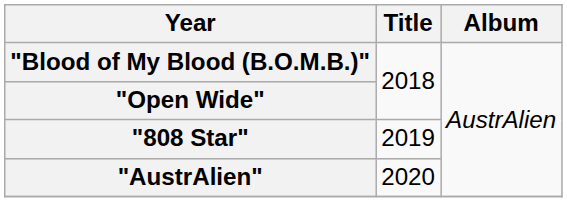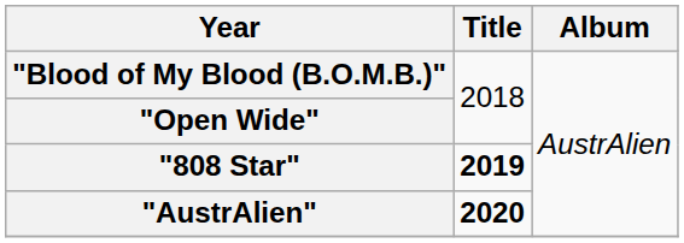 <table class="wikitable plainrowheaders" style="text-align:center;">
 <tr>
 <th scope="col">Year</th>
 <th scope="col">Title</th>
 <th scope="col">Album</th>
 </tr>
 <tr>
 <th scope="row">"Blood of My Blood (B.O.M.B.)"</th>
 <td rowspan="2">2018</td>
 <td rowspan="4"><em>AustrAlien</em></td>
 </tr>
 <tr>
 <th scope="row">"Open Wide" </th>
 </tr>
 <tr>
 <th scope="row">"808 Star"</th>
-<td>2019</td>
+<td><strong>2019</strong></td>
 </tr>
 <tr>
 <th scope="row">"AustrAlien"</th>
-<td>2020</td>
+<td><strong>2020</strong></td>
 </tr>
 <tr>
 </tr>
 </table>
